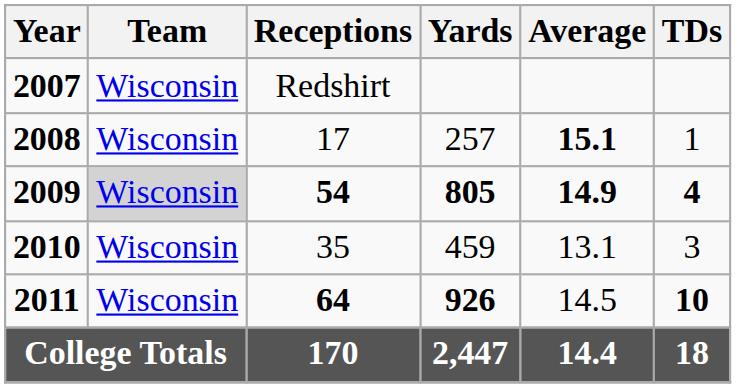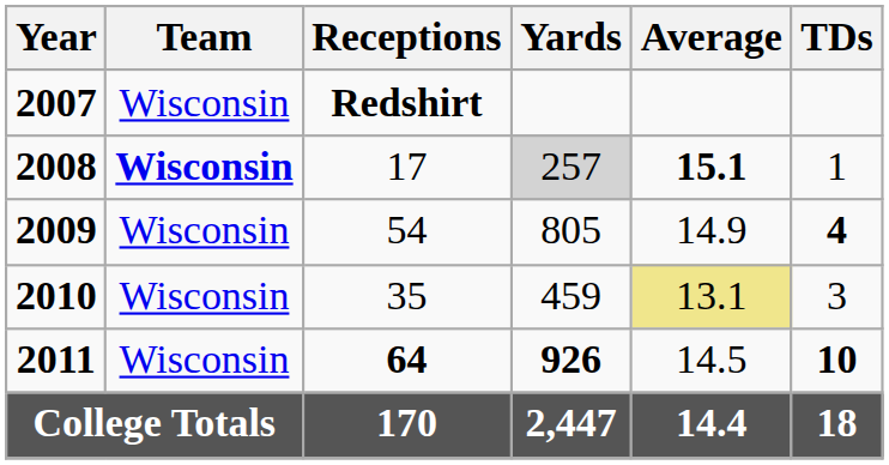 <table class="wikitable" style="text-align:center;">
 <tr>
 <th>Year</th>
 <th>Team</th>
 <th>Receptions</th>
 <th>Yards</th>
 <th>Average</th>
 <th>TDs</th>
 </tr>
 <tr>
 <td><strong>2007</strong></td>
 <td><a href='#'>Wisconsin</a></td>
-<td>Redshirt</td>
+<td><strong>Redshirt</strong></td>
 <td></td>
 <td></td>
 <td></td>
 </tr>
 <tr>
 <td><strong>2008</strong></td>
-<td><a href='#'>Wisconsin</a></td>
+<td><strong><a href='#'>Wisconsin</a></strong></td>
 <td>17</td>
-<td>257</td>
+<td style="background: lightgrey;">257</td>
 <td><strong>15.1</strong></td>
 <td>1</td>
 </tr>
 <tr>
 <td><strong>2009</strong></td>
-<td style="background: lightgrey;"><a href='#'>Wisconsin</a></td>
-<td><strong>54</strong></td>
-<td><strong>805</strong></td>
-<td><strong>14.9</strong></td>
+<td><a href='#'>Wisconsin</a></td>
+<td>54</td>
+<td>805</td>
+<td>14.9</td>
 <td><strong>4</strong></td>
 </tr>
 <tr>
 <td><strong>2010</strong></td>
 <td><a href='#'>Wisconsin</a></td>
 <td>35</td>
 <td>459</td>
-<td>13.1</td>
+<td style="background: khaki;">13.1</td>
 <td>3</td>
 </tr>
 <tr>
 <td><strong>2011</strong></td>
 <td><a href='#'>Wisconsin</a></td>
 <td><strong>64</strong></td>
 <td><strong>926</strong></td>
 <td>14.5</td>
 <td><strong>10</strong></td>
 </tr>
 <tr style="background:#555555;font-weight:bold;color:white;">
 <td colspan=2>College Totals</td>
 <td>170</td>
 <td>2,447</td>
 <td>14.4</td>
 <td>18</td>
 </tr>
 <tr style="background:#555555;font-weight:bold;color:white;">
 </tr>
 </table>
